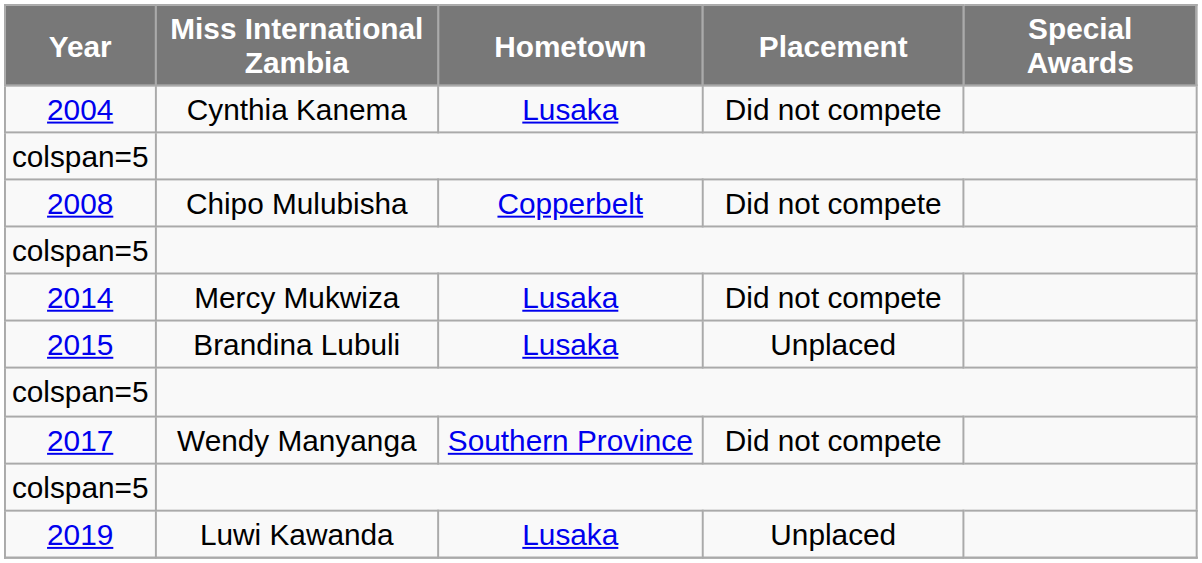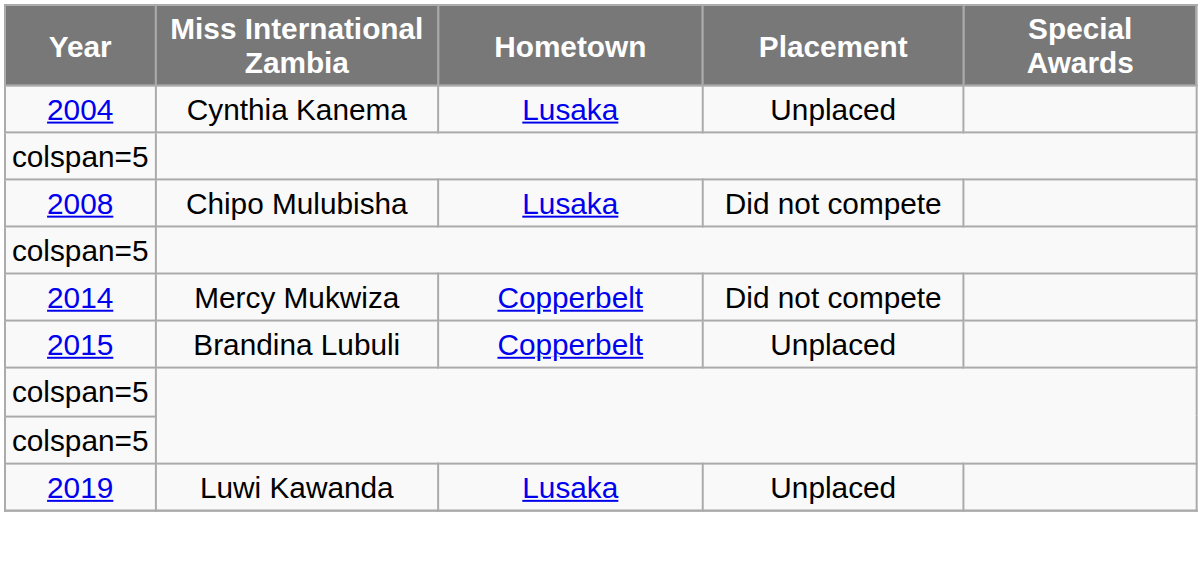 <table class="wikitable sortable" style="font-size: 95%; text-align:center">
 <tr>
 <th width="60" style="background-color:#787878;color:#FFFFFF;">Year</th>
 <th width="250" style="background-color:#787878;color:#FFFFFF;">Miss International Zambia</th>
 <th width="250" style="background-color:#787878;color:#FFFFFF;">Hometown</th>
 <th width="250" style="background-color:#787878;color:#FFFFFF;">Placement</th>
 <th width="250" style="background-color:#787878;color:#FFFFFF;">Special Awards</th>
 </tr>
 <tr>
 <td><a href='#'>2004</a></td>
 <td>Cynthia Kanema</td>
 <td><a href='#'>Lusaka</a></td>
-<td>Did not compete</td>
+<td>Unplaced</td>
 <td></td>
 </tr>
 <tr>
 <td>colspan=5 </td>
 </tr>
 <tr>
 <td><a href='#'>2008</a></td>
 <td>Chipo Mulubisha</td>
-<td><a href='#'>Copperbelt</a></td>
+<td><a href='#'>Lusaka</a></td>
 <td>Did not compete</td>
 <td></td>
 </tr>
 <tr>
 <td>colspan=5 </td>
 </tr>
 <tr>
 <td><a href='#'>2014</a></td>
 <td>Mercy Mukwiza</td>
-<td><a href='#'>Lusaka</a></td>
+<td><a href='#'>Copperbelt</a></td>
 <td>Did not compete</td>
 <td></td>
 </tr>
 <tr>
 <td><a href='#'>2015</a></td>
 <td>Brandina Lubuli</td>
-<td><a href='#'>Lusaka</a></td>
+<td><a href='#'>Copperbelt</a></td>
 <td>Unplaced</td>
 <td></td>
 </tr>
 <tr>
 <td>colspan=5 </td>
-</tr>
-<tr>
-<td><a href='#'>2017</a></td>
-<td>Wendy Manyanga</td>
-<td><a href='#'>Southern Province</a></td>
-<td>Did not compete</td>
-<td></td>
 </tr>
 <tr>
 <td>colspan=5 </td>
 </tr>
 <tr>
 <td><a href='#'>2019</a></td>
 <td>Luwi Kawanda</td>
 <td><a href='#'>Lusaka</a></td>
 <td>Unplaced</td>
 <td></td>
 </tr>
 <tr>
 </tr>
 </table>
